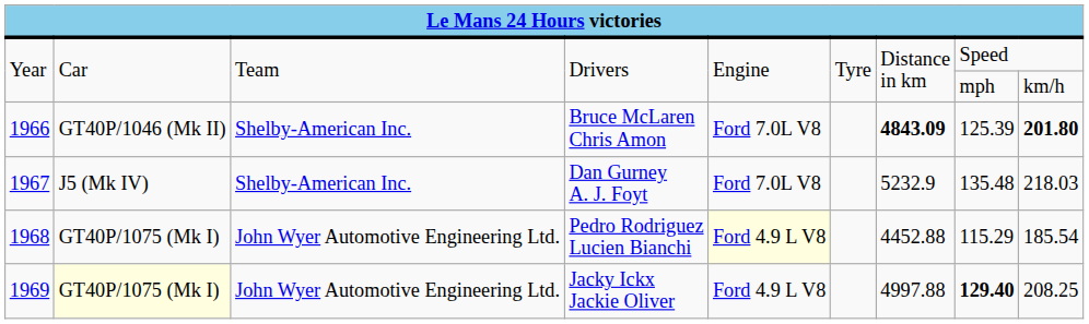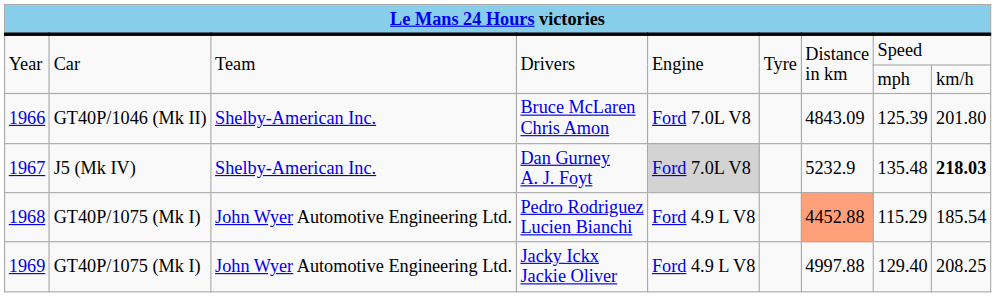 <table class="wikitable">
 <tr>
 <th colspan="9" style="background:skyBlue; text-align:center; border-bottom:3px solid;"><a href='#'>Le Mans 24 Hours</a> victories</th>
 </tr>
 <tr>
 <td rowspan="2">Year</td>
 <td rowspan="2">Car</td>
 <td rowspan="2">Team</td>
 <td rowspan="2">Drivers</td>
 <td rowspan="2">Engine</td>
 <td rowspan="2">Tyre</td>
 <td rowspan="2">Distance<br>in km</td>
 <td colspan="2">Speed</td>
 </tr>
 <tr>
 <td>mph</td>
 <td>km/h</td>
 </tr>
 <tr>
 <td><a href='#'>1966</a></td>
 <td>GT40P/1046 (Mk II)</td>
 <td> <a href='#'>Shelby-American Inc.</a></td>
 <td> <a href='#'>Bruce McLaren</a><br> <a href='#'>Chris Amon</a></td>
 <td><a href='#'>Ford</a> 7.0L V8</td>
 <td></td>
-<td><strong>4843.09</strong></td>
+<td>4843.09</td>
 <td>125.39</td>
-<td><strong>201.80</strong></td>
+<td>201.80</td>
 </tr>
 <tr>
 <td><a href='#'>1967</a></td>
 <td>J5 (Mk IV)</td>
 <td> <a href='#'>Shelby-American Inc.</a></td>
 <td> <a href='#'>Dan Gurney</a><br> <a href='#'>A. J. Foyt</a></td>
-<td><a href='#'>Ford</a> 7.0L V8</td>
+<td style="background: lightgrey;"><a href='#'>Ford</a> 7.0L V8</td>
 <td></td>
 <td>5232.9</td>
 <td>135.48</td>
-<td>218.03</td>
+<td><strong>218.03</strong></td>
 </tr>
 <tr>
 <td><a href='#'>1968</a></td>
 <td>GT40P/1075 (Mk I)</td>
 <td> <a href='#'>John Wyer</a> Automotive Engineering Ltd.</td>
 <td> <a href='#'>Pedro Rodriguez</a><br> <a href='#'>Lucien Bianchi</a></td>
-<td style="background: lightyellow;"><a href='#'>Ford</a> 4.9 L V8</td>
+<td><a href='#'>Ford</a> 4.9 L V8</td>
 <td></td>
-<td>4452.88</td>
+<td style="background: lightsalmon;">4452.88</td>
 <td>115.29</td>
 <td>185.54</td>
 </tr>
 <tr>
 <td><a href='#'>1969</a></td>
-<td style="background: lightyellow;">GT40P/1075 (Mk I)</td>
+<td>GT40P/1075 (Mk I)</td>
 <td> <a href='#'>John Wyer</a> Automotive Engineering Ltd.</td>
 <td> <a href='#'>Jacky Ickx</a><br> <a href='#'>Jackie Oliver</a></td>
 <td><a href='#'>Ford</a> 4.9 L V8</td>
 <td></td>
 <td>4997.88</td>
-<td><strong>129.40</strong></td>
+<td>129.40</td>
 <td>208.25</td>
 </tr>
 </table>
